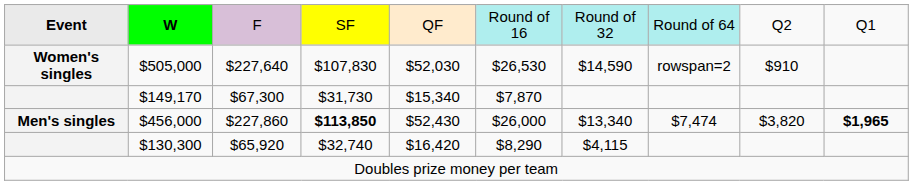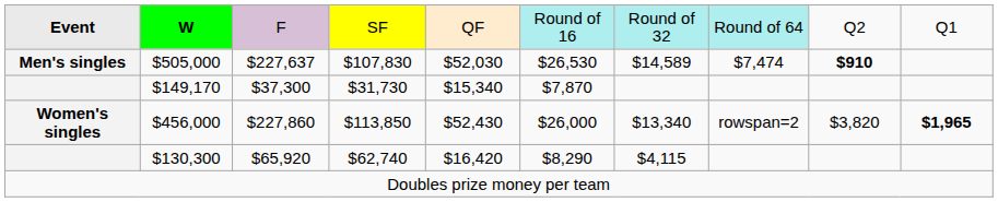 <table class=wikitable style=font-size:90%;text-align:center>
 <tr>
 <td style="width:130px; background:#eaeaea;"><strong>Event</strong></td>
 <td style="width:80px; background:lime;"><strong>W</strong></td>
 <td style="width:85px; background:thistle;">F</td>
 <td style="width:85px; background:#ff0;">SF</td>
 <td style="width:85px; background:#ffebcd;">QF</td>
 <td style="width:85px; background:#afeeee;">Round of 16</td>
 <td style="width:85px; background:#afeeee;">Round of 32</td>
 <td style="width:85px; background:#afeeee;">Round of 64</td>
 <td width=85>Q2</td>
 <td width=85>Q1</td>
 </tr>
 <tr>
-<td style="background:#f3f3f3;"><strong>Women's singles</strong></td>
+<td style="background:#f3f3f3;"><strong>Men's singles</strong></td>
 <td>$505,000</td>
-<td>$227,640</td>
+<td>$227,637</td>
 <td>$107,830</td>
 <td>$52,030</td>
 <td>$26,530</td>
-<td>$14,590</td>
-<td>rowspan=2 </td>
-<td>$910</td>
+<td>$14,589</td>
+<td>$7,474</td>
+<td><strong>$910</strong></td>
 <td></td>
 </tr>
 <tr>
 <td style="background:#f3f3f3;"><strong></strong></td>
 <td>$149,170</td>
-<td>$67,300</td>
+<td>$37,300</td>
 <td>$31,730</td>
 <td>$15,340</td>
 <td>$7,870</td>
 <td></td>
 <td></td>
 <td></td>
 </tr>
 <tr>
-<td style="background:#f3f3f3;"><strong>Men's singles</strong></td>
+<td style="background:#f3f3f3;"><strong>Women's singles</strong></td>
 <td>$456,000</td>
 <td>$227,860</td>
-<td><strong>$113,850</strong></td>
+<td>$113,850</td>
 <td>$52,430</td>
 <td>$26,000</td>
 <td>$13,340</td>
-<td>$7,474</td>
+<td>rowspan=2 </td>
 <td>$3,820</td>
 <td><strong>$1,965</strong></td>
 </tr>
 <tr>
 <td style="background:#f3f3f3;"><strong></strong></td>
 <td>$130,300</td>
 <td>$65,920</td>
-<td>$32,740</td>
+<td>$62,740</td>
 <td>$16,420</td>
 <td>$8,290</td>
 <td>$4,115</td>
 <td></td>
 <td></td>
 <td></td>
 </tr>
 <tr>
 <td colspan=10>Doubles prize money per team</td>
 </tr>
 </table>
